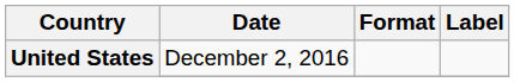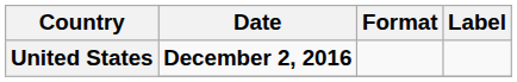 <table class="wikitable plainrowheaders">
 <tr>
 <th scope="col">Country</th>
 <th scope="col">Date</th>
 <th scope="col">Format</th>
 <th scope="col">Label</th>
 </tr>
 <tr>
 <th scope="row" rowspan="2">United States</th>
-<td>December 2, 2016</td>
+<td><strong>December 2, 2016</strong></td>
 <td></td>
 <td rowspan="1"></td>
 </tr>
 <tr>
 </tr>
 </table>
